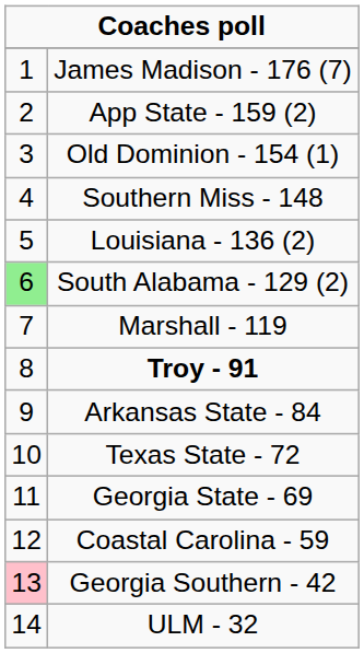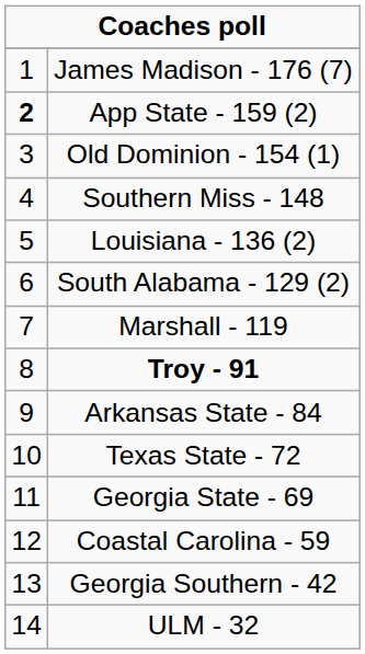 <table class="wikitable" style="display: inline-table;">
 <tr>
 <td align="center" Colspan="3"><strong>Coaches poll</strong></td>
 </tr>
 <tr align="center">
 </tr>
 <tr align="center">
 <td>1</td>
 <td>James Madison - 176 (7)</td>
 </tr>
 <tr align="center">
-<td>2</td>
+<td><strong>2</strong></td>
 <td>App State - 159 (2)</td>
 </tr>
 <tr align="center">
 <td>3</td>
 <td>Old Dominion - 154 (1)</td>
 </tr>
 <tr align="center">
 <td>4</td>
 <td>Southern Miss - 148</td>
 </tr>
 <tr align="center">
 <td>5</td>
 <td>Louisiana - 136 (2)</td>
 </tr>
 <tr align="center">
-<td style="background: lightgreen;">6</td>
+<td>6</td>
 <td>South Alabama - 129 (2)</td>
 </tr>
 <tr align="center">
 <td>7</td>
 <td>Marshall - 119</td>
 </tr>
 <tr align="center">
 <td>8</td>
 <td><strong>Troy - 91</strong></td>
 </tr>
 <tr align="center">
 <td>9</td>
 <td>Arkansas State - 84</td>
 </tr>
 <tr align="center">
 <td>10</td>
 <td>Texas State - 72</td>
 </tr>
 <tr align="center">
 <td>11</td>
 <td>Georgia State - 69</td>
 </tr>
 <tr align="center">
 <td>12</td>
 <td>Coastal Carolina - 59</td>
 </tr>
 <tr align="center">
-<td style="background: pink;">13</td>
+<td>13</td>
 <td>Georgia Southern - 42</td>
 </tr>
 <tr align="center">
 <td>14</td>
 <td>ULM - 32</td>
 </tr>
 </table>
